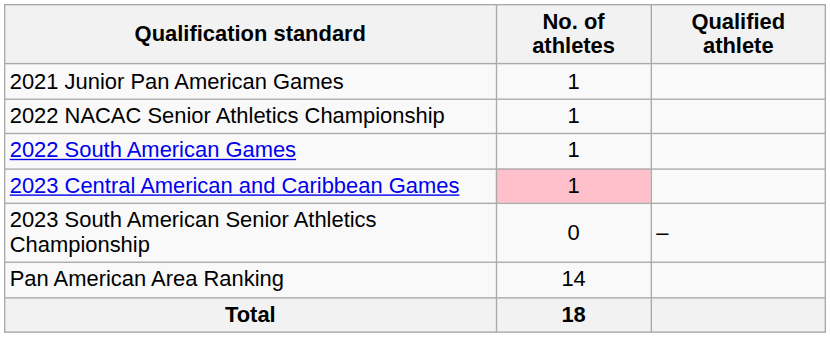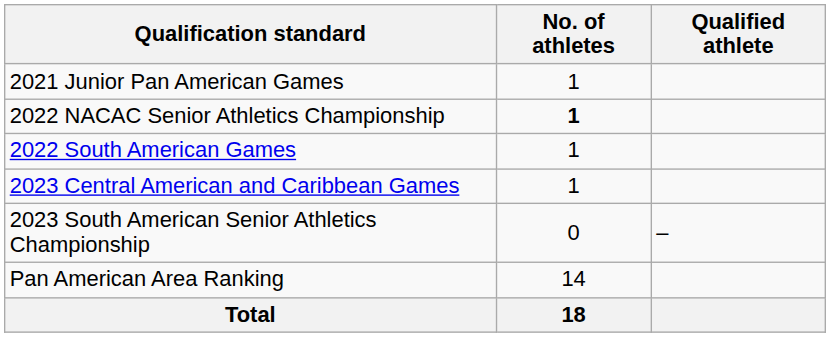 <table class="wikitable" style="text-align:left; width:600px;">
 <tr>
 <th>Qualification standard</th>
 <th>No. of athletes</th>
 <th>Qualified athlete</th>
 </tr>
 <tr>
 <td>2021 Junior Pan American Games</td>
 <td align=center>1</td>
 <td></td>
 </tr>
 <tr>
 <td>2022 NACAC Senior Athletics Championship</td>
-<td align=center>1</td>
+<td align=center><strong>1</strong></td>
 <td></td>
 </tr>
 <tr>
 <td><a href='#'>2022 South American Games</a></td>
 <td align=center>1</td>
 <td></td>
 </tr>
 <tr>
 <td><a href='#'>2023 Central American and Caribbean Games</a></td>
-<td align=center style="background: pink;">1</td>
+<td align=center>1</td>
 <td></td>
 </tr>
 <tr>
 <td>2023 South American Senior Athletics Championship</td>
 <td align=center>0</td>
 <td>–</td>
 </tr>
 <tr>
 <td>Pan American Area Ranking</td>
 <td align=center>14</td>
 <td></td>
 </tr>
 <tr>
 <th>Total</th>
 <th>18</th>
 <th colspan=2></th>
 </tr>
 </table>
